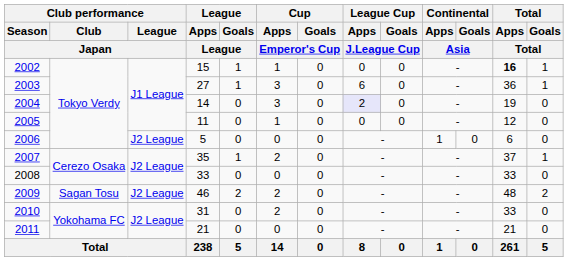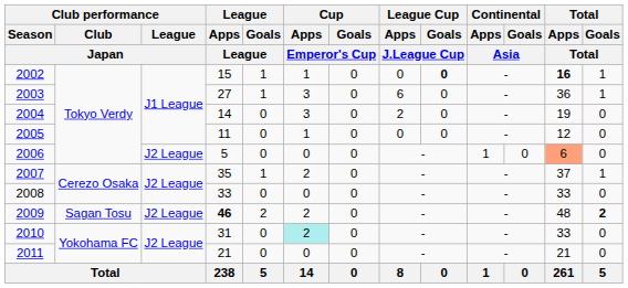 <table class="wikitable" style="text-align:center;">
 <tr>
 <th colspan=3>Club performance</th>
 <th colspan=2>League</th>
 <th colspan=2>Cup</th>
 <th colspan=2>League Cup</th>
 <th colspan=2>Continental</th>
 <th colspan=2>Total</th>
 </tr>
 <tr>
 <th>Season</th>
 <th>Club</th>
 <th>League</th>
 <th>Apps</th>
 <th>Goals</th>
 <th>Apps</th>
 <th>Goals</th>
 <th>Apps</th>
 <th>Goals</th>
 <th>Apps</th>
 <th>Goals</th>
 <th>Apps</th>
 <th>Goals</th>
 </tr>
 <tr>
 <th colspan=3>Japan</th>
 <th colspan=2>League</th>
 <th colspan=2><a href='#'>Emperor's Cup</a></th>
 <th colspan=2><a href='#'>J.League Cup</a></th>
 <th colspan=2><a href='#'>Asia</a></th>
 <th colspan=2>Total</th>
 </tr>
 <tr>
 <td><a href='#'>2002</a></td>
 <td rowspan="5"><a href='#'>Tokyo Verdy</a></td>
 <td rowspan="4"><a href='#'>J1 League</a></td>
 <td>15</td>
 <td>1</td>
 <td>1</td>
 <td>0</td>
 <td>0</td>
-<td>0</td>
+<td><strong>0</strong></td>
 <td colspan="2">-</td>
 <td><strong>16</strong></td>
 <td>1</td>
 </tr>
 <tr>
 <td><a href='#'>2003</a></td>
 <td>27</td>
 <td>1</td>
 <td>3</td>
 <td>0</td>
 <td>6</td>
 <td>0</td>
 <td colspan="2">-</td>
 <td>36</td>
 <td>1</td>
 </tr>
 <tr>
 <td><a href='#'>2004</a></td>
 <td>14</td>
 <td>0</td>
 <td>3</td>
 <td>0</td>
-<td style="background: lavender;">2</td>
+<td>2</td>
 <td>0</td>
 <td colspan="2">-</td>
 <td>19</td>
 <td>0</td>
 </tr>
 <tr>
 <td><a href='#'>2005</a></td>
 <td>11</td>
 <td>0</td>
 <td>1</td>
 <td>0</td>
 <td>0</td>
 <td>0</td>
 <td colspan="2">-</td>
 <td>12</td>
 <td>0</td>
 </tr>
 <tr>
 <td><a href='#'>2006</a></td>
 <td><a href='#'>J2 League</a></td>
 <td>5</td>
 <td>0</td>
 <td>0</td>
 <td>0</td>
 <td colspan="2">-</td>
 <td>1</td>
 <td>0</td>
-<td>6</td>
+<td style="background: lightsalmon;">6</td>
 <td>0</td>
 </tr>
 <tr>
 <td><a href='#'>2007</a></td>
 <td rowspan="2"><a href='#'>Cerezo Osaka</a></td>
 <td rowspan="2"><a href='#'>J2 League</a></td>
 <td>35</td>
 <td>1</td>
 <td>2</td>
 <td>0</td>
 <td colspan="2">-</td>
 <td colspan="2">-</td>
 <td>37</td>
 <td>1</td>
 </tr>
 <tr>
 <td>2008</td>
 <td>33</td>
 <td>0</td>
 <td>0</td>
 <td>0</td>
 <td colspan="2">-</td>
 <td colspan="2">-</td>
 <td>33</td>
 <td>0</td>
 </tr>
 <tr>
 <td><a href='#'>2009</a></td>
 <td><a href='#'>Sagan Tosu</a></td>
 <td><a href='#'>J2 League</a></td>
-<td>46</td>
+<td><strong>46</strong></td>
 <td>2</td>
 <td>2</td>
 <td>0</td>
 <td colspan="2">-</td>
 <td colspan="2">-</td>
 <td>48</td>
-<td>2</td>
+<td><strong>2</strong></td>
 </tr>
 <tr>
 <td><a href='#'>2010</a></td>
 <td rowspan="2"><a href='#'>Yokohama FC</a></td>
 <td rowspan="2"><a href='#'>J2 League</a></td>
 <td>31</td>
 <td>0</td>
-<td>2</td>
+<td style="background: paleturquoise;">2</td>
 <td>0</td>
 <td colspan="2">-</td>
 <td colspan="2">-</td>
 <td>33</td>
 <td>0</td>
 </tr>
 <tr>
 <td><a href='#'>2011</a></td>
 <td>21</td>
 <td>0</td>
 <td>0</td>
 <td>0</td>
 <td colspan="2">-</td>
 <td colspan="2">-</td>
 <td>21</td>
 <td>0</td>
 </tr>
 <tr>
 <th colspan=3>Total</th>
 <th>238</th>
 <th>5</th>
 <th>14</th>
 <th>0</th>
 <th>8</th>
 <th>0</th>
 <th>1</th>
 <th>0</th>
 <th>261</th>
 <th>5</th>
 </tr>
 </table>
